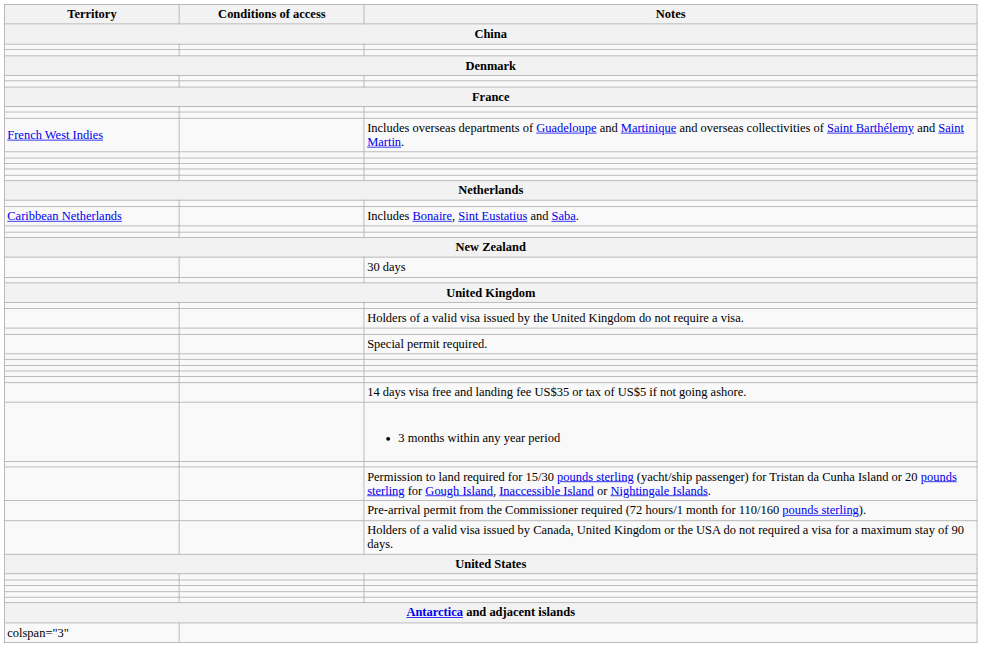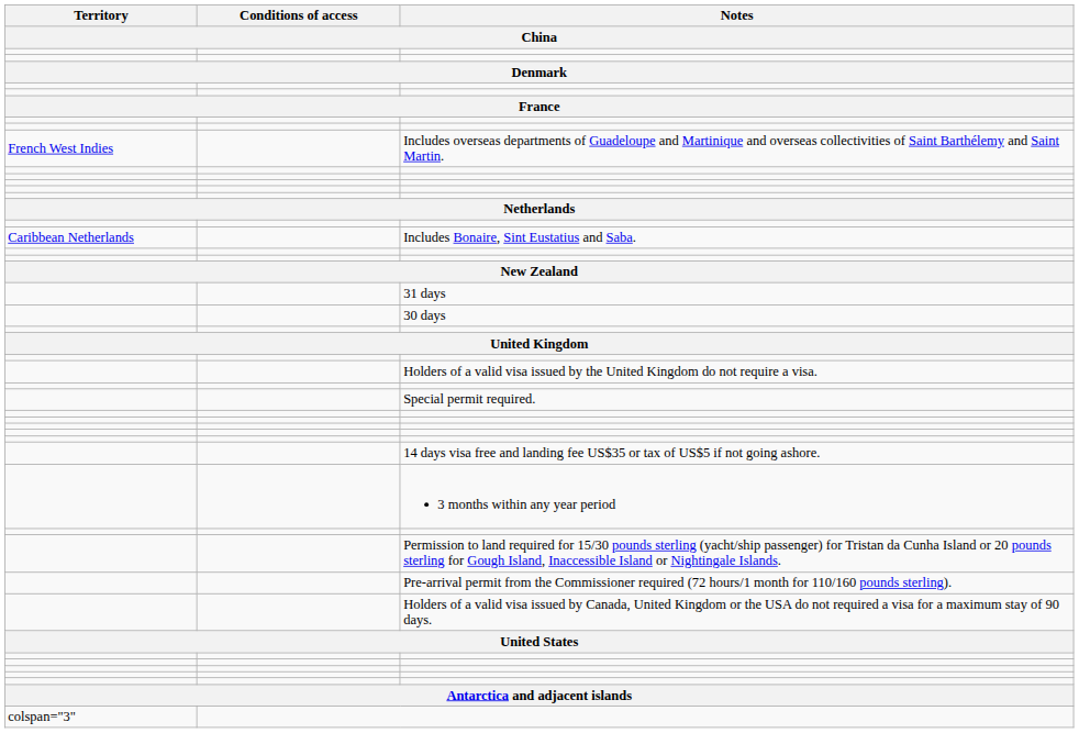 <table class="wikitable" style="text-align: left; table-layout: fixed;">
 <tr>
 <th style="width:18%;">Territory</th>
 <th style="width:19%;">Conditions of access</th>
 <th>Notes</th>
 </tr>
 <tr>
 <th colspan="3">China</th>
 </tr>
 <tr>
 <td></td>
 <td></td>
 <td></td>
 </tr>
 <tr>
 <td></td>
 <td></td>
 <td></td>
 </tr>
 <tr>
 <th colspan="3">Denmark</th>
 </tr>
 <tr>
 <td></td>
 <td></td>
 <td></td>
 </tr>
 <tr>
 <td></td>
 <td></td>
 <td></td>
 </tr>
 <tr>
 <th colspan="3">France</th>
 </tr>
 <tr>
 <td></td>
 <td></td>
 <td></td>
 </tr>
 <tr>
 <td></td>
 <td></td>
 <td></td>
 </tr>
 <tr>
 <td> <a href='#'>French West Indies</a></td>
 <td></td>
 <td>Includes overseas departments of <a href='#'>Guadeloupe</a> and <a href='#'>Martinique</a> and overseas collectivities of <a href='#'>Saint Barthélemy</a> and <a href='#'>Saint Martin</a>.</td>
 </tr>
 <tr>
 <td></td>
 <td></td>
 <td></td>
 </tr>
 <tr>
 <td></td>
 <td></td>
 <td></td>
 </tr>
 <tr>
 <td></td>
 <td></td>
 <td></td>
 </tr>
 <tr>
 <td></td>
 <td></td>
 <td></td>
 </tr>
 <tr>
 <td></td>
 <td></td>
 <td></td>
 </tr>
 <tr>
 <th colspan="3">Netherlands</th>
 </tr>
 <tr>
 <td></td>
 <td></td>
 <td></td>
 </tr>
 <tr>
 <td> <a href='#'>Caribbean Netherlands</a></td>
 <td></td>
 <td>Includes <a href='#'>Bonaire</a>, <a href='#'>Sint Eustatius</a> and <a href='#'>Saba</a>.</td>
 </tr>
 <tr>
 <td></td>
 <td></td>
 <td></td>
 </tr>
 <tr>
 <td></td>
 <td></td>
 <td></td>
 </tr>
 <tr>
 <th colspan="3">New Zealand</th>
+</tr>
+<tr>
+<td></td>
+<td></td>
+<td>31 days</td>
 </tr>
 <tr>
 <td></td>
 <td></td>
 <td>30 days</td>
 </tr>
 <tr>
 <td></td>
 <td></td>
 <td></td>
 </tr>
 <tr>
 <th colspan="3">United Kingdom</th>
 </tr>
 <tr>
 <td></td>
 <td></td>
 <td></td>
 </tr>
 <tr>
 <td></td>
 <td></td>
 <td>Holders of a valid visa issued by the United Kingdom do not require a visa.</td>
 </tr>
 <tr>
 <td></td>
 <td></td>
 <td></td>
 </tr>
 <tr>
 <td></td>
 <td></td>
 <td>Special permit required.</td>
 </tr>
 <tr>
 <td></td>
 <td></td>
 <td></td>
 </tr>
 <tr>
 <td></td>
 <td></td>
 <td></td>
 </tr>
 <tr>
 <td></td>
 <td></td>
 <td></td>
 </tr>
 <tr>
 <td></td>
 <td></td>
 <td></td>
 </tr>
 <tr>
 <td></td>
 <td></td>
 <td></td>
 </tr>
 <tr>
 <td></td>
 <td></td>
 <td>14 days visa free and landing fee US$35 or tax of US$5 if not going ashore.</td>
 </tr>
 <tr>
 <td></td>
 <td></td>
 <td><br><ul><li>3 months within any year period</li></ul></td>
 </tr>
 <tr>
 <td></td>
 <td></td>
 <td></td>
 </tr>
 <tr>
 <td></td>
 <td></td>
 <td>Permission to land required for 15/30 <a href='#'>pounds sterling</a> (yacht/ship passenger) for Tristan da Cunha Island or 20 <a href='#'>pounds sterling</a> for <a href='#'>Gough Island</a>, <a href='#'>Inaccessible Island</a> or <a href='#'>Nightingale Islands</a>.</td>
 </tr>
 <tr>
 <td></td>
 <td></td>
 <td>Pre-arrival permit from the Commissioner required (72 hours/1 month for 110/160 <a href='#'>pounds sterling</a>).</td>
 </tr>
 <tr>
 <td></td>
 <td></td>
 <td>Holders of a valid visa issued by Canada, United Kingdom or the USA do not required a visa for a maximum stay of 90 days.</td>
 </tr>
 <tr>
 <th colspan="3">United States</th>
 </tr>
 <tr>
 <td></td>
 <td></td>
 <td></td>
 </tr>
 <tr>
 <td></td>
 <td></td>
 <td></td>
 </tr>
 <tr>
 <td></td>
 <td></td>
 <td></td>
 </tr>
 <tr>
 <td></td>
 <td></td>
 <td></td>
 </tr>
 <tr>
 <td></td>
 <td></td>
 <td></td>
 </tr>
 <tr>
 <th colspan="3"><a href='#'>Antarctica</a> and adjacent islands</th>
 </tr>
 <tr>
 <td>colspan="3" </td>
 </tr>
 </table>
